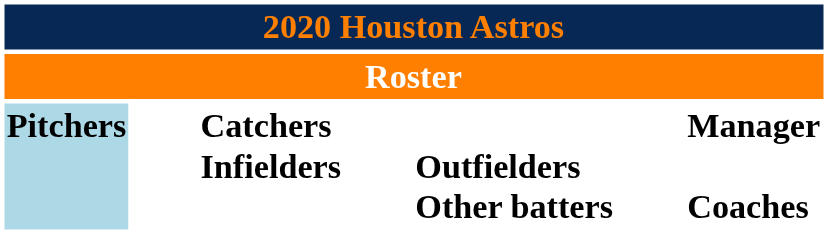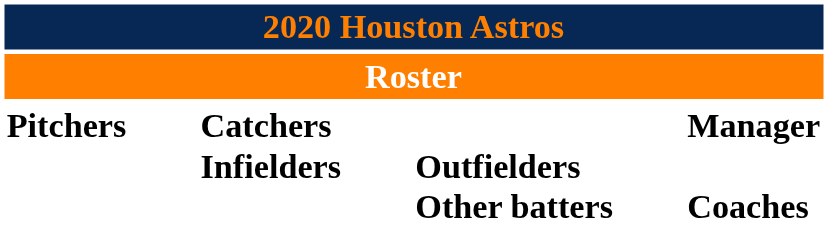 <table class="toccolours" style="font-size: 95%;">
 <tr>
 <th colspan="10" style="background:#072854; color:#FF7F00; text-align:center;">2020 Houston Astros</th>
 </tr>
 <tr>
 <td colspan="10" style="background:#FF7F00; color:white; text-align:center;"><strong>Roster</strong></td>
 </tr>
 <tr>
-<td valign="top" style="background: lightblue;"><strong>Pitchers</strong><br>                         </td>
+<td valign="top"><strong>Pitchers</strong><br>                         </td>
 <td style="width:25px;"></td>
 <td valign="top"><strong>Catchers</strong><br>   <strong>Infielders</strong>        </td>
 <td style="width:25px;"></td>
 <td valign="top"><br><strong>Outfielders</strong>     <br><strong>Other batters</strong> </td>
 <td style="width:25px;"></td>
 <td valign="top"><strong>Manager</strong><br><br><strong>Coaches</strong>                        </td>
 </tr>
 </table>
